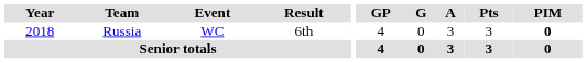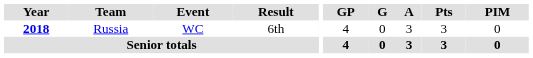 <table border="0" cellpadding="1" cellspacing="0" ID="Table3" style="text-align:center; width:40em;">
 <tr bgcolor="#e0e0e0">
 <th>Year</th>
 <th>Team</th>
 <th>Event</th>
 <th>Result</th>
 <th rowspan="99" bgcolor="#ffffff"></th>
 <th>GP</th>
 <th>G</th>
 <th>A</th>
 <th>Pts</th>
 <th>PIM</th>
 </tr>
 <tr>
-<td><a href='#'>2018</a></td>
+<td><strong><a href='#'>2018</a></strong></td>
 <td><a href='#'>Russia</a></td>
 <td><a href='#'>WC</a></td>
 <td>6th</td>
 <td>4</td>
 <td>0</td>
 <td>3</td>
 <td>3</td>
-<td><strong>0</strong></td>
+<td>0</td>
 </tr>
 <tr bgcolor="#e0e0e0">
 <th colspan="4">Senior totals</th>
 <th>4</th>
 <th>0</th>
 <th>3</th>
 <th>3</th>
 <th>0</th>
 </tr>
 </table>
